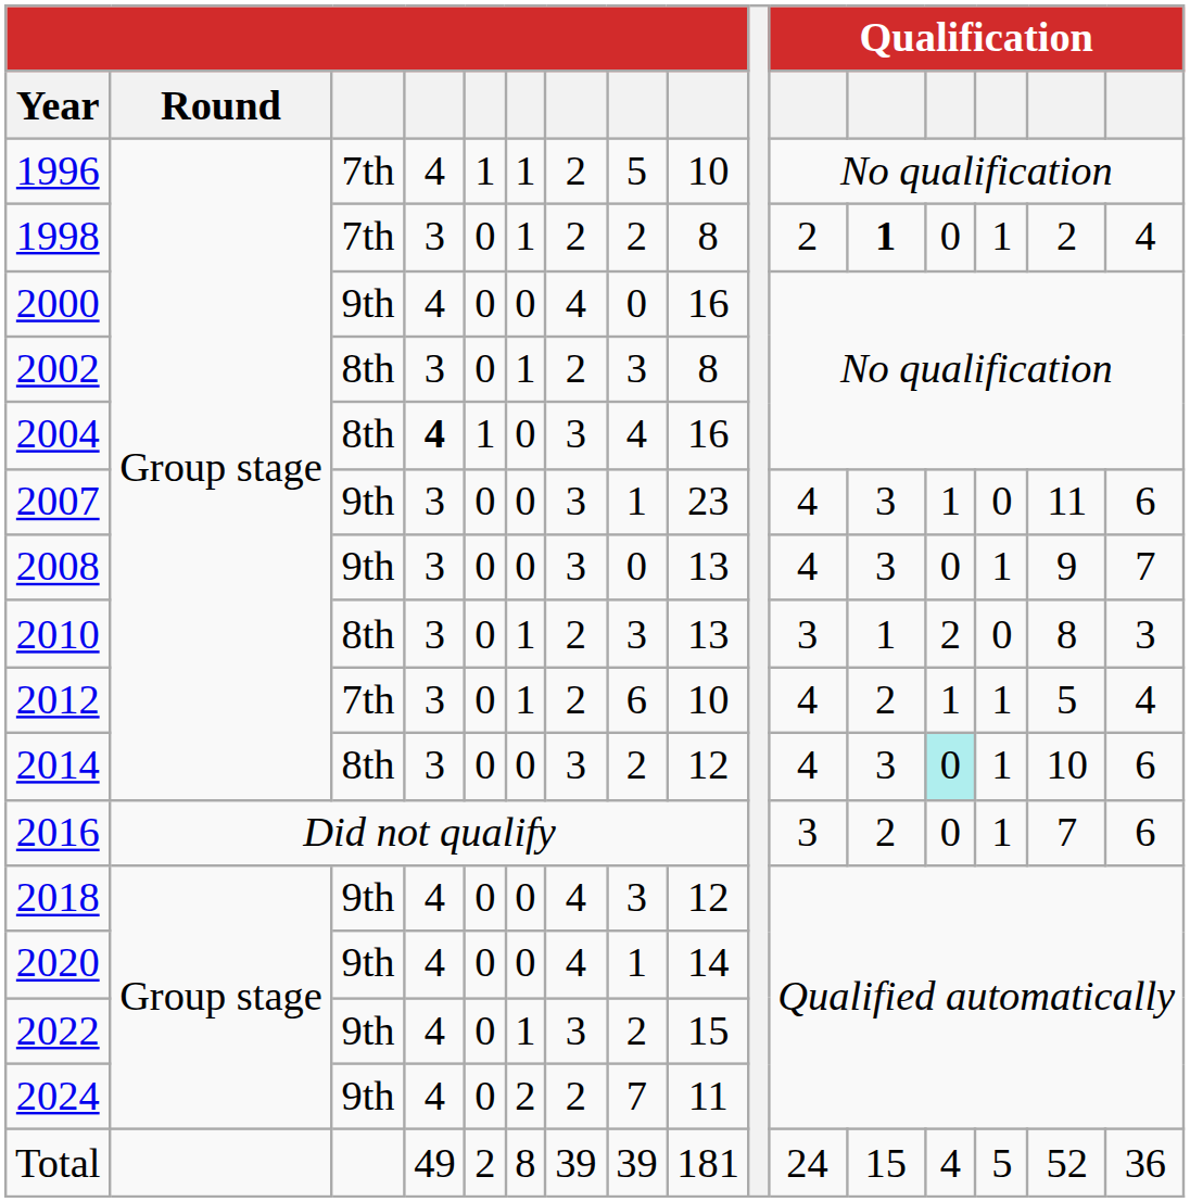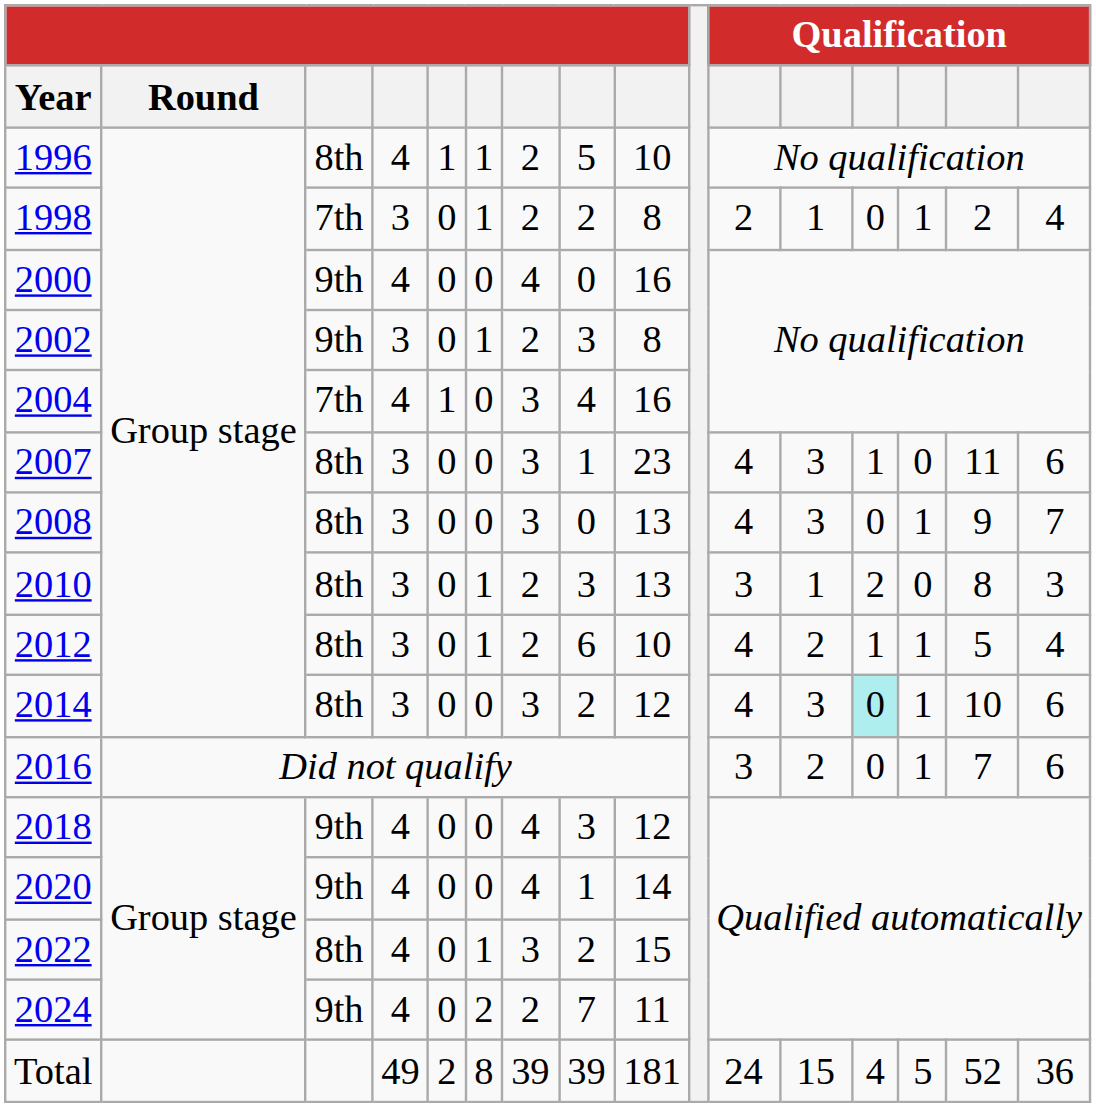 <table class="wikitable" style="text-align:center">
 <tr>
 <th colspan=9 style="background:#D22B2B; color: #FFFFFF;"><a href='#'></a></th>
 <th rowspan=39></th>
 <th colspan=7 style="background: #D22B2B; color: #FFFFFF;">Qualification</th>
 </tr>
 <tr>
 <th>Year</th>
 <th>Round</th>
 <th></th>
 <th></th>
 <th></th>
 <th></th>
 <th></th>
 <th></th>
 <th></th>
 <th></th>
 <th></th>
 <th></th>
 <th></th>
 <th></th>
 <th></th>
 </tr>
 <tr>
 <td> <a href='#'>1996</a></td>
 <td rowspan=10>Group stage</td>
-<td>7th</td>
+<td>8th</td>
 <td>4</td>
 <td>1</td>
 <td>1</td>
 <td>2</td>
 <td>5</td>
 <td>10</td>
 <td colspan=6><em>No qualification</em></td>
 </tr>
 <tr>
 <td> <a href='#'>1998</a></td>
 <td>7th</td>
 <td>3</td>
 <td>0</td>
 <td>1</td>
 <td>2</td>
 <td>2</td>
 <td>8</td>
 <td>2</td>
-<td><strong>1</strong></td>
+<td>1</td>
 <td>0</td>
 <td>1</td>
 <td>2</td>
 <td>4</td>
 </tr>
 <tr>
 <td> <a href='#'>2000</a></td>
 <td>9th</td>
 <td>4</td>
 <td>0</td>
 <td>0</td>
 <td>4</td>
 <td>0</td>
 <td>16</td>
 <td rowspan=3 colspan=6><em>No qualification</em></td>
 </tr>
 <tr>
 <td>  <a href='#'>2002</a></td>
-<td>8th</td>
+<td>9th</td>
 <td>3</td>
 <td>0</td>
 <td>1</td>
 <td>2</td>
 <td>3</td>
 <td>8</td>
 </tr>
 <tr>
 <td>  <a href='#'>2004</a></td>
-<td>8th</td>
-<td><strong>4</strong></td>
+<td>7th</td>
+<td>4</td>
 <td>1</td>
 <td>0</td>
 <td>3</td>
 <td>4</td>
 <td>16</td>
 </tr>
 <tr>
 <td>  <a href='#'>2007</a></td>
-<td>9th</td>
+<td>8th</td>
 <td>3</td>
 <td>0</td>
 <td>0</td>
 <td>3</td>
 <td>1</td>
 <td>23</td>
 <td>4</td>
 <td>3</td>
 <td>1</td>
 <td>0</td>
 <td>11</td>
 <td>6</td>
 </tr>
 <tr>
 <td>  <a href='#'>2008</a></td>
-<td>9th</td>
+<td>8th</td>
 <td>3</td>
 <td>0</td>
 <td>0</td>
 <td>3</td>
 <td>0</td>
 <td>13</td>
 <td>4</td>
 <td>3</td>
 <td>0</td>
 <td>1</td>
 <td>9</td>
 <td>7</td>
 </tr>
 <tr>
 <td>  <a href='#'>2010</a></td>
 <td>8th</td>
 <td>3</td>
 <td>0</td>
 <td>1</td>
 <td>2</td>
 <td>3</td>
 <td>13</td>
 <td>3</td>
 <td>1</td>
 <td>2</td>
 <td>0</td>
 <td>8</td>
 <td>3</td>
 </tr>
 <tr>
 <td>  <a href='#'>2012</a></td>
-<td>7th</td>
+<td>8th</td>
 <td>3</td>
 <td>0</td>
 <td>1</td>
 <td>2</td>
 <td>6</td>
 <td>10</td>
 <td>4</td>
 <td>2</td>
 <td>1</td>
 <td>1</td>
 <td>5</td>
 <td>4</td>
 </tr>
 <tr>
 <td>  <a href='#'>2014</a></td>
 <td>8th</td>
 <td>3</td>
 <td>0</td>
 <td>0</td>
 <td>3</td>
 <td>2</td>
 <td>12</td>
 <td>4</td>
 <td>3</td>
 <td style="background: paleturquoise;">0</td>
 <td>1</td>
 <td>10</td>
 <td>6</td>
 </tr>
 <tr>
 <td>  <a href='#'>2016</a></td>
 <td rowspan="1" colspan="8"><em>Did not qualify</em></td>
 <td>3</td>
 <td>2</td>
 <td>0</td>
 <td>1</td>
 <td>7</td>
 <td>6</td>
 </tr>
 <tr>
 <td> <a href='#'>2018</a></td>
 <td rowspan="4">Group stage</td>
 <td>9th</td>
 <td>4</td>
 <td>0</td>
 <td>0</td>
 <td>4</td>
 <td>3</td>
 <td>12</td>
 <td rowspan="4" colspan="7"><em>Qualified automatically</em></td>
 </tr>
 <tr>
 <td> <a href='#'>2020</a></td>
 <td>9th</td>
 <td>4</td>
 <td>0</td>
 <td>0</td>
 <td>4</td>
 <td>1</td>
 <td>14</td>
 </tr>
 <tr>
 <td> <a href='#'>2022</a></td>
-<td>9th</td>
+<td>8th</td>
 <td>4</td>
 <td>0</td>
 <td>1</td>
 <td>3</td>
 <td>2</td>
 <td>15</td>
 </tr>
 <tr>
 <td> <a href='#'>2024</a></td>
 <td>9th</td>
 <td>4</td>
 <td>0</td>
 <td>2</td>
 <td>2</td>
 <td>7</td>
 <td>11</td>
 </tr>
 <tr>
 <td>Total</td>
 <td></td>
 <td></td>
 <td>49</td>
 <td>2</td>
 <td>8</td>
 <td>39</td>
 <td>39</td>
 <td>181</td>
 <td>24</td>
 <td>15</td>
 <td>4</td>
 <td>5</td>
 <td>52</td>
 <td>36</td>
 </tr>
 </table>
